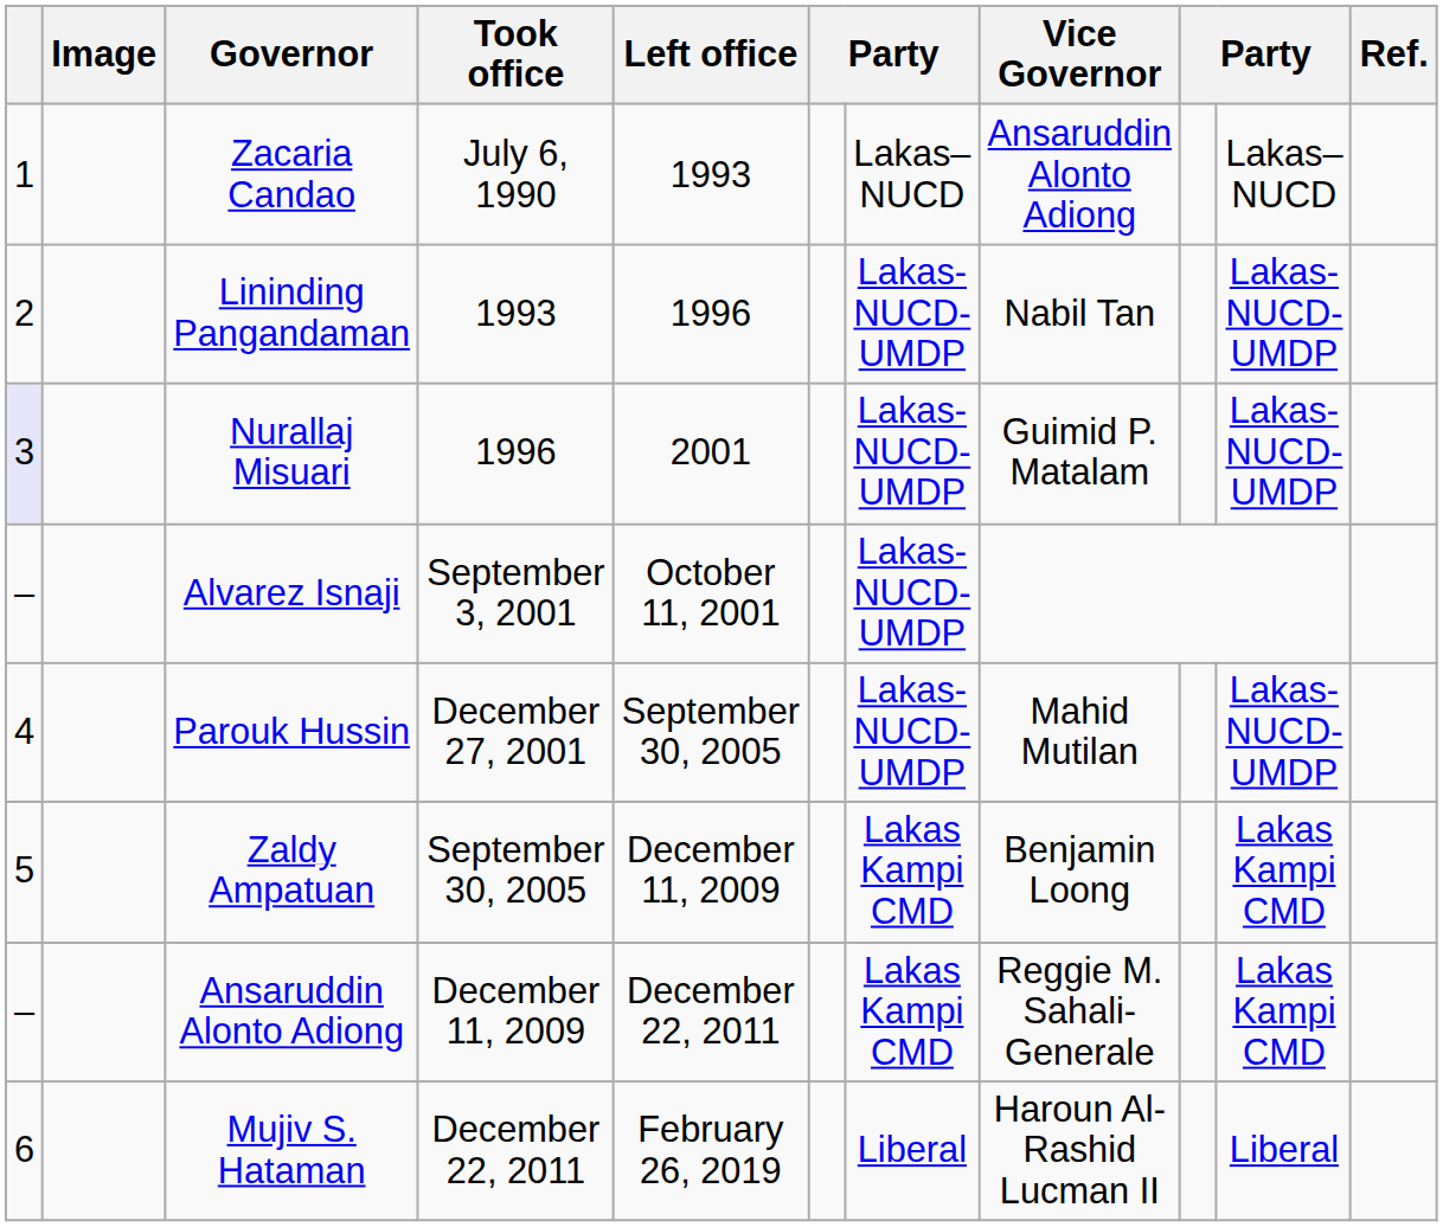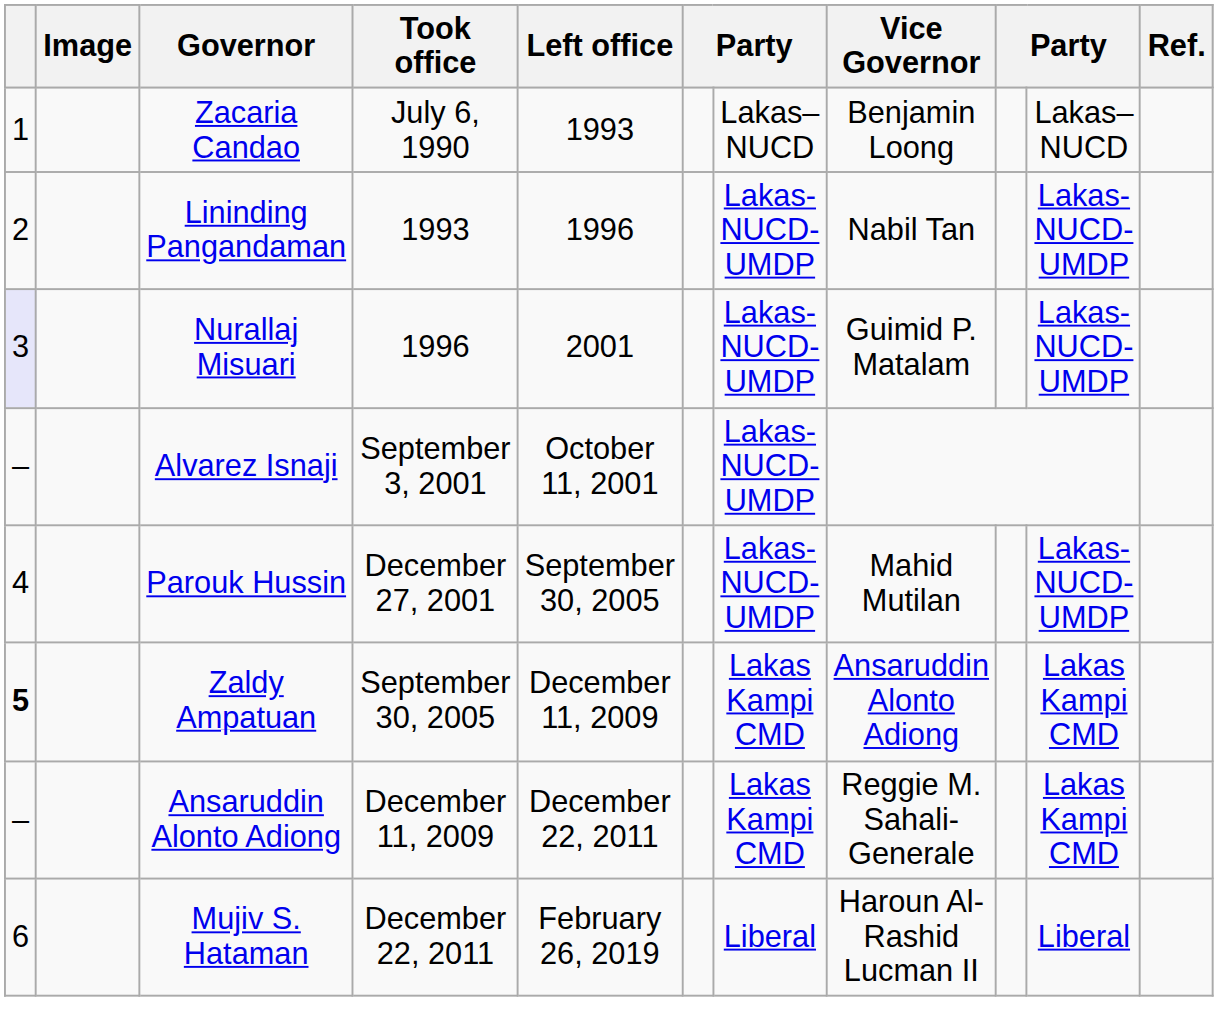 <table class="wikitable plainrowheaders" style="text-align: center;">
 <tr bgcolor=#cccccc>
 <th></th>
 <th>Image</th>
 <th>Governor</th>
 <th>Took office</th>
 <th>Left office</th>
 <th colspan=2>Party</th>
 <th>Vice Governor</th>
 <th colspan=2>Party</th>
 <th>Ref.</th>
 </tr>
 <tr>
 <td>1</td>
 <td></td>
 <td><a href='#'>Zacaria Candao</a></td>
 <td>July 6, 1990</td>
 <td>1993</td>
 <td width="2%" style="background:">  </td>
 <td>Lakas–NUCD</td>
-<td><a href='#'>Ansaruddin Alonto Adiong</a></td>
+<td>Benjamin Loong</td>
 <td width="2%" style="background:">  </td>
 <td>Lakas–NUCD</td>
 <td></td>
 </tr>
 <tr>
 <td>2</td>
 <td></td>
 <td><a href='#'>Lininding Pangandaman</a></td>
 <td>1993</td>
 <td>1996</td>
 <td width="2%" style="background:">  </td>
 <td><a href='#'>Lakas-NUCD-UMDP</a></td>
 <td>Nabil Tan</td>
 <td width="2%" style="background:">  </td>
 <td><a href='#'>Lakas-NUCD-UMDP</a></td>
 <td></td>
 </tr>
 <tr>
 <td style="background: lavender;">3</td>
 <td></td>
 <td><a href='#'>Nurallaj Misuari</a></td>
 <td>1996</td>
 <td>2001</td>
 <td width="2%" style="background:">  </td>
 <td><a href='#'>Lakas-NUCD-UMDP</a></td>
 <td>Guimid P. Matalam</td>
 <td width="2%" style="background:">  </td>
 <td><a href='#'>Lakas-NUCD-UMDP</a></td>
 <td></td>
 </tr>
 <tr>
 <td>–</td>
 <td></td>
 <td><a href='#'>Alvarez Isnaji</a></td>
 <td>September 3, 2001</td>
 <td>October 11, 2001</td>
 <td width="2%" style="background:">  </td>
 <td><a href='#'>Lakas-NUCD-UMDP</a></td>
 <td colspan=3></td>
 <td></td>
 </tr>
 <tr>
 <td>4</td>
 <td></td>
 <td><a href='#'>Parouk Hussin</a></td>
 <td>December 27, 2001</td>
 <td>September 30, 2005</td>
 <td width="2%" style="background:">  </td>
 <td><a href='#'>Lakas-NUCD-UMDP</a></td>
 <td>Mahid Mutilan</td>
 <td width="2%" style="background:">  </td>
 <td><a href='#'>Lakas-NUCD-UMDP</a></td>
 <td></td>
 </tr>
 <tr>
-<td>5</td>
+<td><strong>5</strong></td>
 <td></td>
 <td><a href='#'>Zaldy Ampatuan</a></td>
 <td>September 30, 2005</td>
 <td>December 11, 2009</td>
 <td width="2%" style="background:">  </td>
 <td><a href='#'>Lakas Kampi CMD</a></td>
-<td>Benjamin Loong</td>
+<td><a href='#'>Ansaruddin Alonto Adiong</a></td>
 <td width="2%" style="background:">  </td>
 <td><a href='#'>Lakas Kampi CMD</a></td>
 <td></td>
 </tr>
 <tr>
 <td>–</td>
 <td></td>
 <td><a href='#'>Ansaruddin Alonto Adiong</a></td>
 <td>December 11, 2009</td>
 <td>December 22, 2011</td>
 <td width="2%" style="background:">  </td>
 <td><a href='#'>Lakas Kampi CMD</a></td>
 <td>Reggie M. Sahali-Generale</td>
 <td width="2%" style="background:">  </td>
 <td><a href='#'>Lakas Kampi CMD</a></td>
 <td></td>
 </tr>
 <tr>
 <td>6</td>
 <td></td>
 <td><a href='#'>Mujiv S. Hataman</a></td>
 <td>December 22, 2011</td>
 <td>February 26, 2019</td>
 <td width="2%" style="background:">  </td>
 <td><a href='#'>Liberal</a></td>
 <td>Haroun Al-Rashid Lucman II</td>
 <td width="2%" style="background:">  </td>
 <td><a href='#'>Liberal</a></td>
 <td></td>
 </tr>
 </table>
